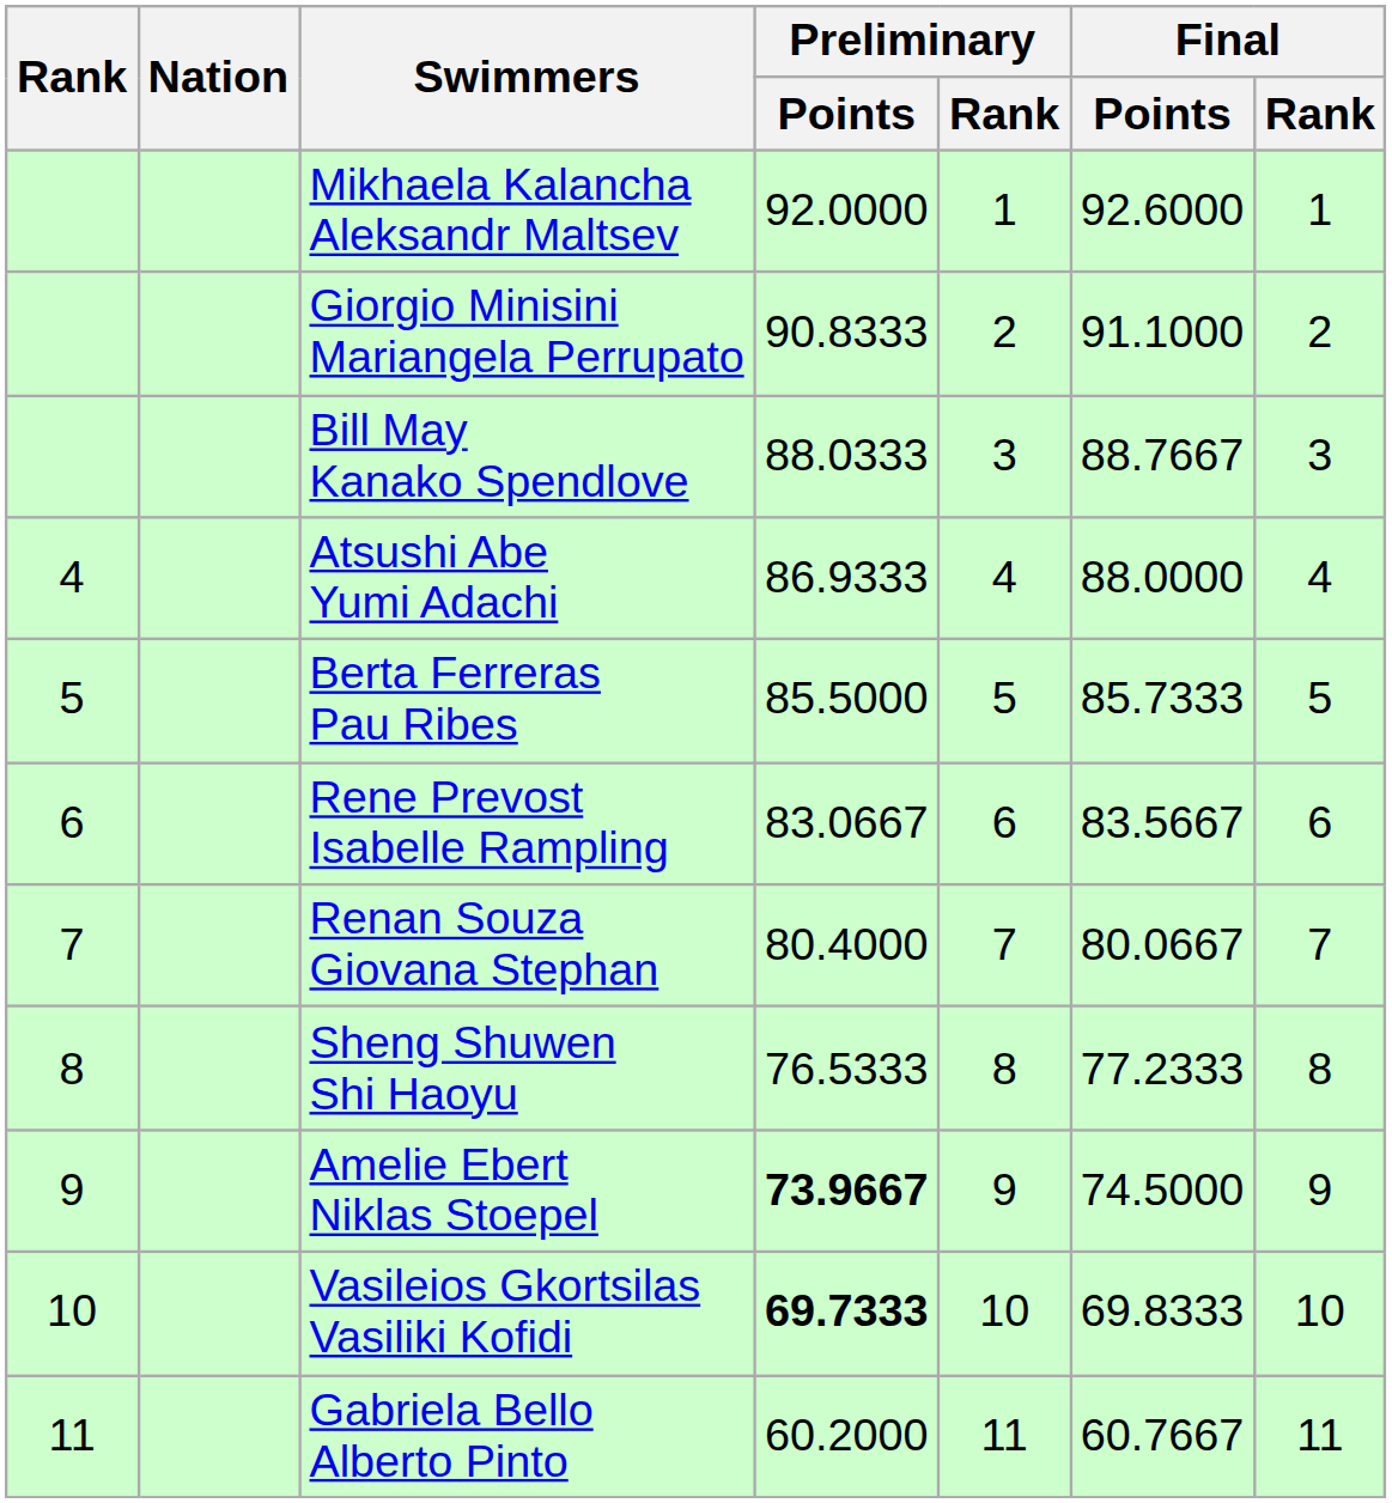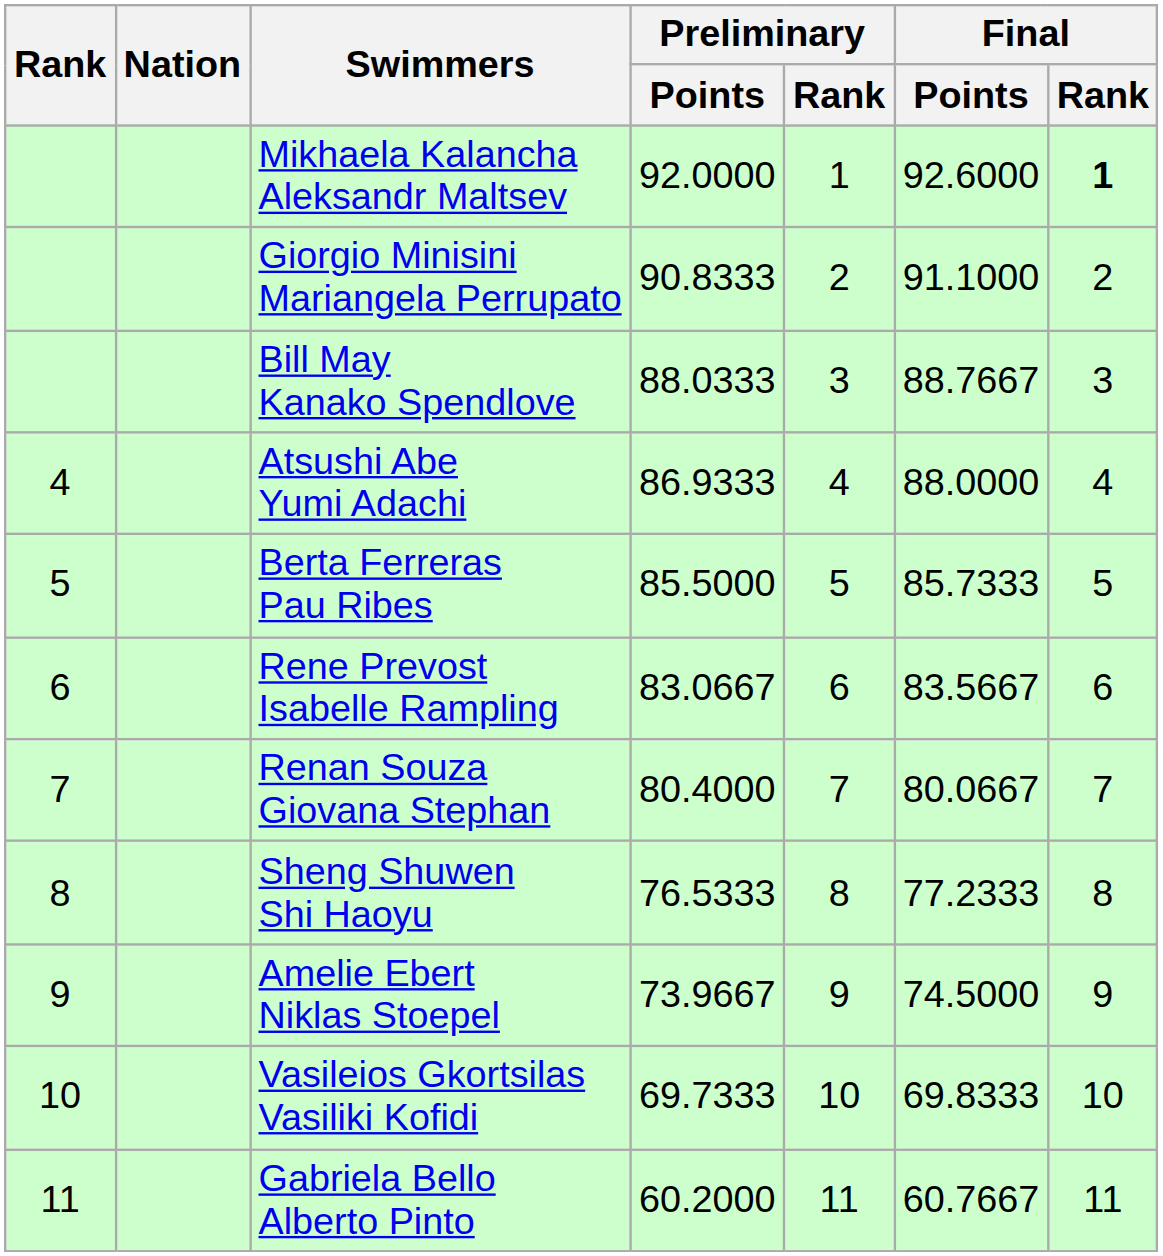 <table class="wikitable sortable" style="text-align:center">
 <tr>
 <th rowspan=2>Rank</th>
 <th rowspan=2>Nation</th>
 <th rowspan=2>Swimmers</th>
 <th colspan=2>Preliminary</th>
 <th colspan=2>Final</th>
 </tr>
 <tr>
 <th>Points</th>
 <th>Rank</th>
 <th>Points</th>
 <th>Rank</th>
 </tr>
 <tr bgcolor=ccffcc>
 <td></td>
 <td align=left></td>
 <td align=left><a href='#'>Mikhaela Kalancha</a><br><a href='#'>Aleksandr Maltsev</a></td>
 <td>92.0000</td>
 <td>1</td>
 <td>92.6000</td>
-<td>1</td>
+<td><strong>1</strong></td>
 </tr>
 <tr bgcolor=ccffcc>
 <td></td>
 <td align=left></td>
 <td align=left><a href='#'>Giorgio Minisini</a><br><a href='#'>Mariangela Perrupato</a></td>
 <td>90.8333</td>
 <td>2</td>
 <td>91.1000</td>
 <td>2</td>
 </tr>
 <tr bgcolor=ccffcc>
 <td></td>
 <td align=left></td>
 <td align=left><a href='#'>Bill May</a><br><a href='#'>Kanako Spendlove</a></td>
 <td>88.0333</td>
 <td>3</td>
 <td>88.7667</td>
 <td>3</td>
 </tr>
 <tr bgcolor=ccffcc>
 <td>4</td>
 <td align=left></td>
 <td align=left><a href='#'>Atsushi Abe</a><br><a href='#'>Yumi Adachi</a></td>
 <td>86.9333</td>
 <td>4</td>
 <td>88.0000</td>
 <td>4</td>
 </tr>
 <tr bgcolor=ccffcc>
 <td>5</td>
 <td align=left></td>
 <td align=left><a href='#'>Berta Ferreras</a><br><a href='#'>Pau Ribes</a></td>
 <td>85.5000</td>
 <td>5</td>
 <td>85.7333</td>
 <td>5</td>
 </tr>
 <tr bgcolor=ccffcc>
 <td>6</td>
 <td align=left></td>
 <td align=left><a href='#'>Rene Prevost</a><br><a href='#'>Isabelle Rampling</a></td>
 <td>83.0667</td>
 <td>6</td>
 <td>83.5667</td>
 <td>6</td>
 </tr>
 <tr bgcolor=ccffcc>
 <td>7</td>
 <td align=left></td>
 <td align=left><a href='#'>Renan Souza</a><br><a href='#'>Giovana Stephan</a></td>
 <td>80.4000</td>
 <td>7</td>
 <td>80.0667</td>
 <td>7</td>
 </tr>
 <tr bgcolor=ccffcc>
 <td>8</td>
 <td align=left></td>
 <td align=left><a href='#'>Sheng Shuwen</a><br><a href='#'>Shi Haoyu</a></td>
 <td>76.5333</td>
 <td>8</td>
 <td>77.2333</td>
 <td>8</td>
 </tr>
 <tr bgcolor=ccffcc>
 <td>9</td>
 <td align=left></td>
 <td align=left><a href='#'>Amelie Ebert</a><br><a href='#'>Niklas Stoepel</a></td>
-<td><strong>73.9667</strong></td>
+<td>73.9667</td>
 <td>9</td>
 <td>74.5000</td>
 <td>9</td>
 </tr>
 <tr bgcolor=ccffcc>
 <td>10</td>
 <td align=left></td>
 <td align=left><a href='#'>Vasileios Gkortsilas</a><br><a href='#'>Vasiliki Kofidi</a></td>
-<td><strong>69.7333</strong></td>
+<td>69.7333</td>
 <td>10</td>
 <td>69.8333</td>
 <td>10</td>
 </tr>
 <tr bgcolor=ccffcc>
 <td>11</td>
 <td align=left></td>
 <td align=left><a href='#'>Gabriela Bello</a><br><a href='#'>Alberto Pinto</a></td>
 <td>60.2000</td>
 <td>11</td>
 <td>60.7667</td>
 <td>11</td>
 </tr>
 </table>
